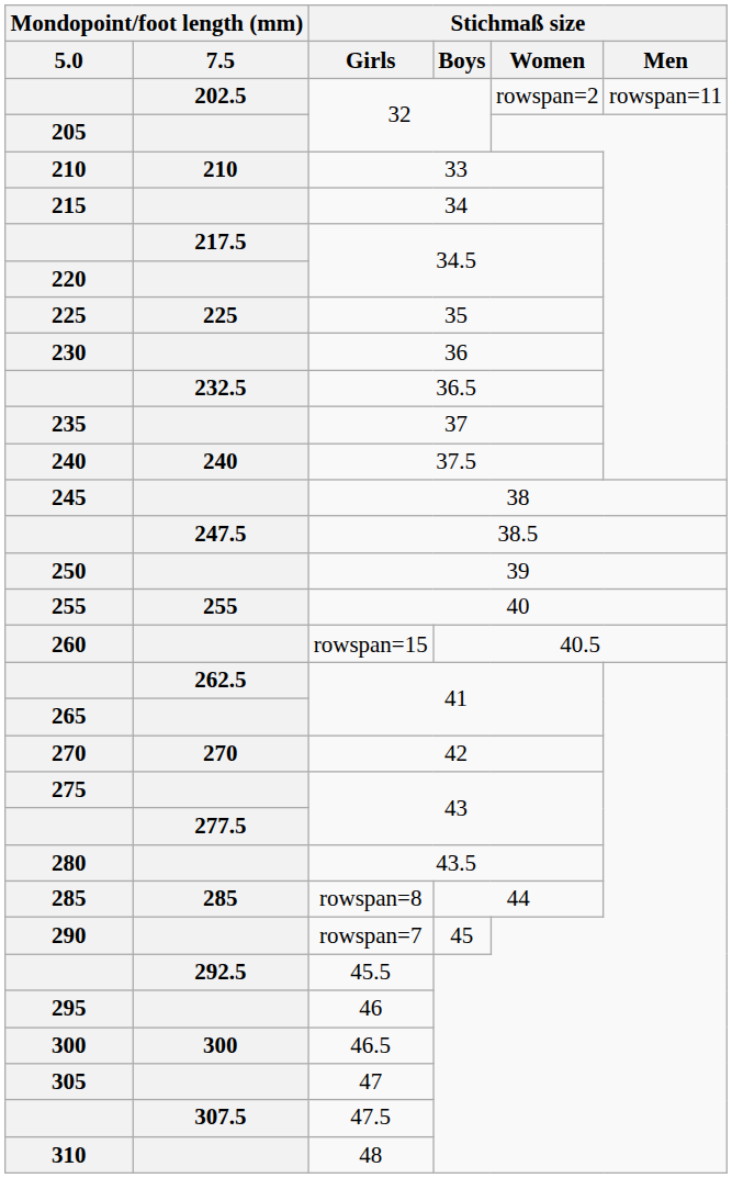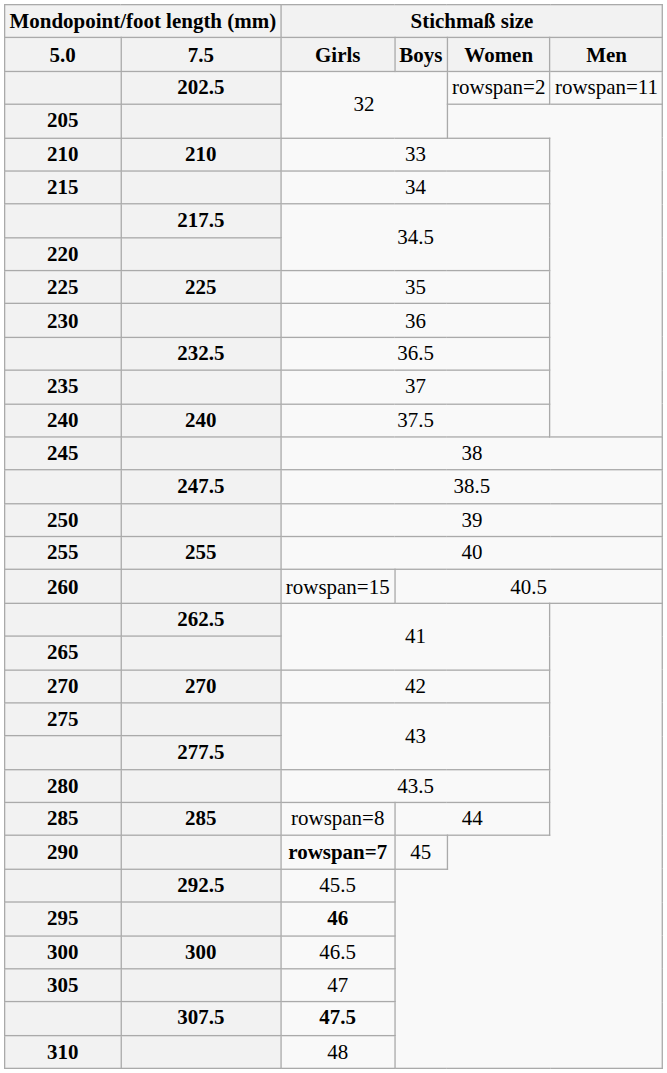 <table class="wikitable" style="text-align:center;">
 <tr>
 <th colspan=2>Mondopoint/foot length (mm)</th>
 <th colspan=4>Stichmaß size</th>
 </tr>
 <tr>
 <th>5.0</th>
 <th>7.5</th>
 <th>Girls</th>
 <th>Boys</th>
 <th>Women</th>
 <th>Men</th>
 </tr>
 <tr>
 <th></th>
 <th>202.5</th>
 <td colspan=2 rowspan=2>32</td>
 <td>rowspan=2 </td>
 <td>rowspan=11 </td>
 </tr>
 <tr>
 <th>205</th>
 <th></th>
 </tr>
 <tr>
 <th>210</th>
 <th>210</th>
 <td colspan=3>33</td>
 </tr>
 <tr>
 <th>215</th>
 <th></th>
 <td colspan=3>34</td>
 </tr>
 <tr>
 <th></th>
 <th>217.5</th>
 <td colspan=3 rowspan=2>34.5</td>
 </tr>
 <tr>
 <th>220</th>
 <th></th>
 </tr>
 <tr>
 <th>225</th>
 <th>225</th>
 <td colspan=3>35</td>
 </tr>
 <tr>
 <th>230</th>
 <th></th>
 <td colspan=3>36</td>
 </tr>
 <tr>
 <th></th>
 <th>232.5</th>
 <td colspan=3>36.5</td>
 </tr>
 <tr>
 <th>235</th>
 <th></th>
 <td colspan=3>37</td>
 </tr>
 <tr>
 <th>240</th>
 <th>240</th>
 <td colspan=3>37.5</td>
 </tr>
 <tr>
 <th>245</th>
 <th></th>
 <td colspan=4>38</td>
 </tr>
 <tr>
 <th></th>
 <th>247.5</th>
 <td colspan=4>38.5</td>
 </tr>
 <tr>
 <th>250</th>
 <th></th>
 <td colspan=4>39</td>
 </tr>
 <tr>
 <th>255</th>
 <th>255</th>
 <td colspan=4>40</td>
 </tr>
 <tr>
 <th>260</th>
 <th></th>
 <td>rowspan=15 </td>
 <td colspan=3>40.5</td>
 </tr>
 <tr>
 <th></th>
 <th>262.5</th>
 <td colspan=3 rowspan=2>41</td>
 </tr>
 <tr>
 <th>265</th>
 <th></th>
 </tr>
 <tr>
 <th>270</th>
 <th>270</th>
 <td colspan=3>42</td>
 </tr>
 <tr>
 <th>275</th>
 <th></th>
 <td colspan=3 rowspan=2>43</td>
 </tr>
 <tr>
 <th></th>
 <th>277.5</th>
 </tr>
 <tr>
 <th>280</th>
 <th></th>
 <td colspan=3>43.5</td>
 </tr>
 <tr>
 <th>285</th>
 <th>285</th>
 <td>rowspan=8 </td>
 <td colspan=2>44</td>
 </tr>
 <tr>
 <th>290</th>
 <th></th>
-<td>rowspan=7 </td>
+<td><strong>rowspan=7 </strong></td>
 <td>45</td>
 </tr>
 <tr>
 <th></th>
 <th>292.5</th>
 <td>45.5</td>
 </tr>
 <tr>
 <th>295</th>
 <th></th>
-<td>46</td>
+<td><strong>46</strong></td>
 </tr>
 <tr>
 <th>300</th>
 <th>300</th>
 <td>46.5</td>
 </tr>
 <tr>
 <th>305</th>
 <th></th>
 <td>47</td>
 </tr>
 <tr>
 <th></th>
 <th>307.5</th>
-<td>47.5</td>
+<td><strong>47.5</strong></td>
 </tr>
 <tr>
 <th>310</th>
 <th></th>
 <td>48</td>
 </tr>
 </table>
